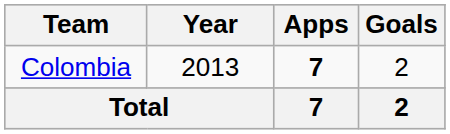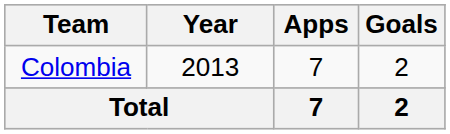 <table class="wikitable" style="text-align: center;">
 <tr>
 <th width="80">Team</th>
 <th width="70">Year</th>
 <th width="45">Apps</th>
 <th width="45">Goals</th>
 </tr>
 <tr>
 <td><a href='#'>Colombia</a></td>
 <td>2013</td>
-<td><strong>7</strong></td>
+<td>7</td>
 <td>2</td>
 </tr>
 <tr>
 <th colspan=2>Total</th>
 <th>7</th>
 <th>2</th>
 </tr>
 </table>
